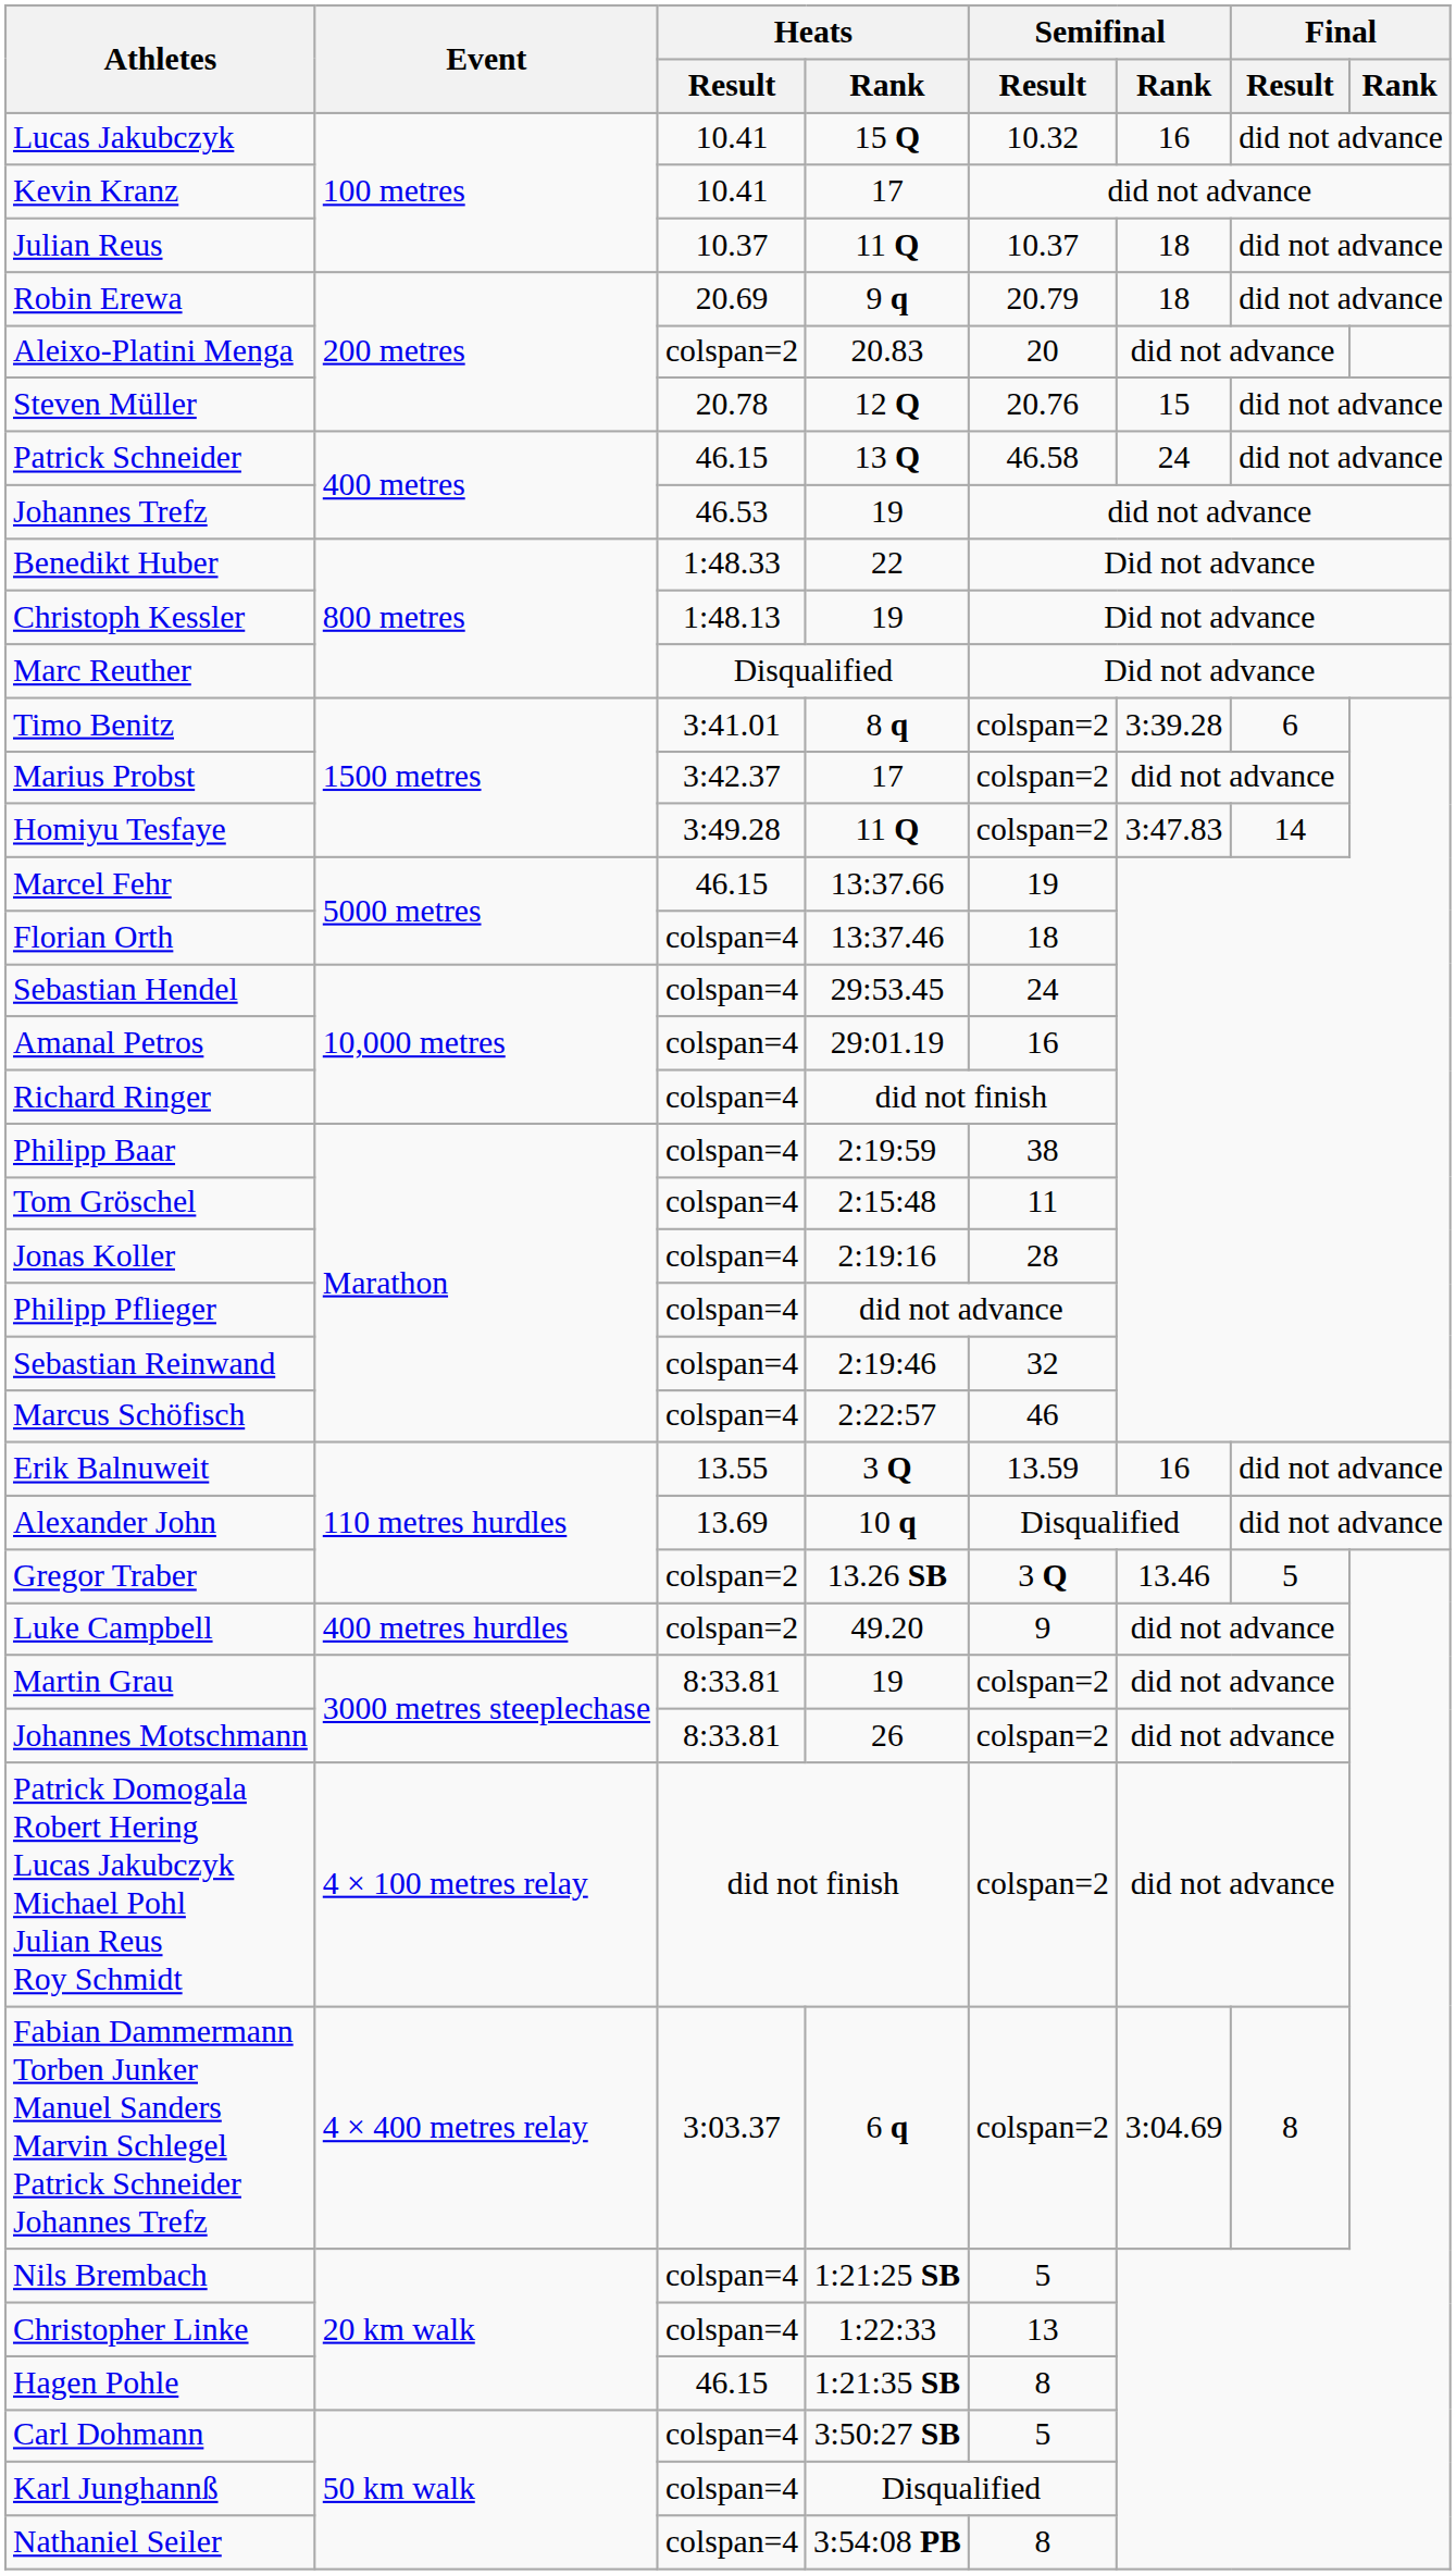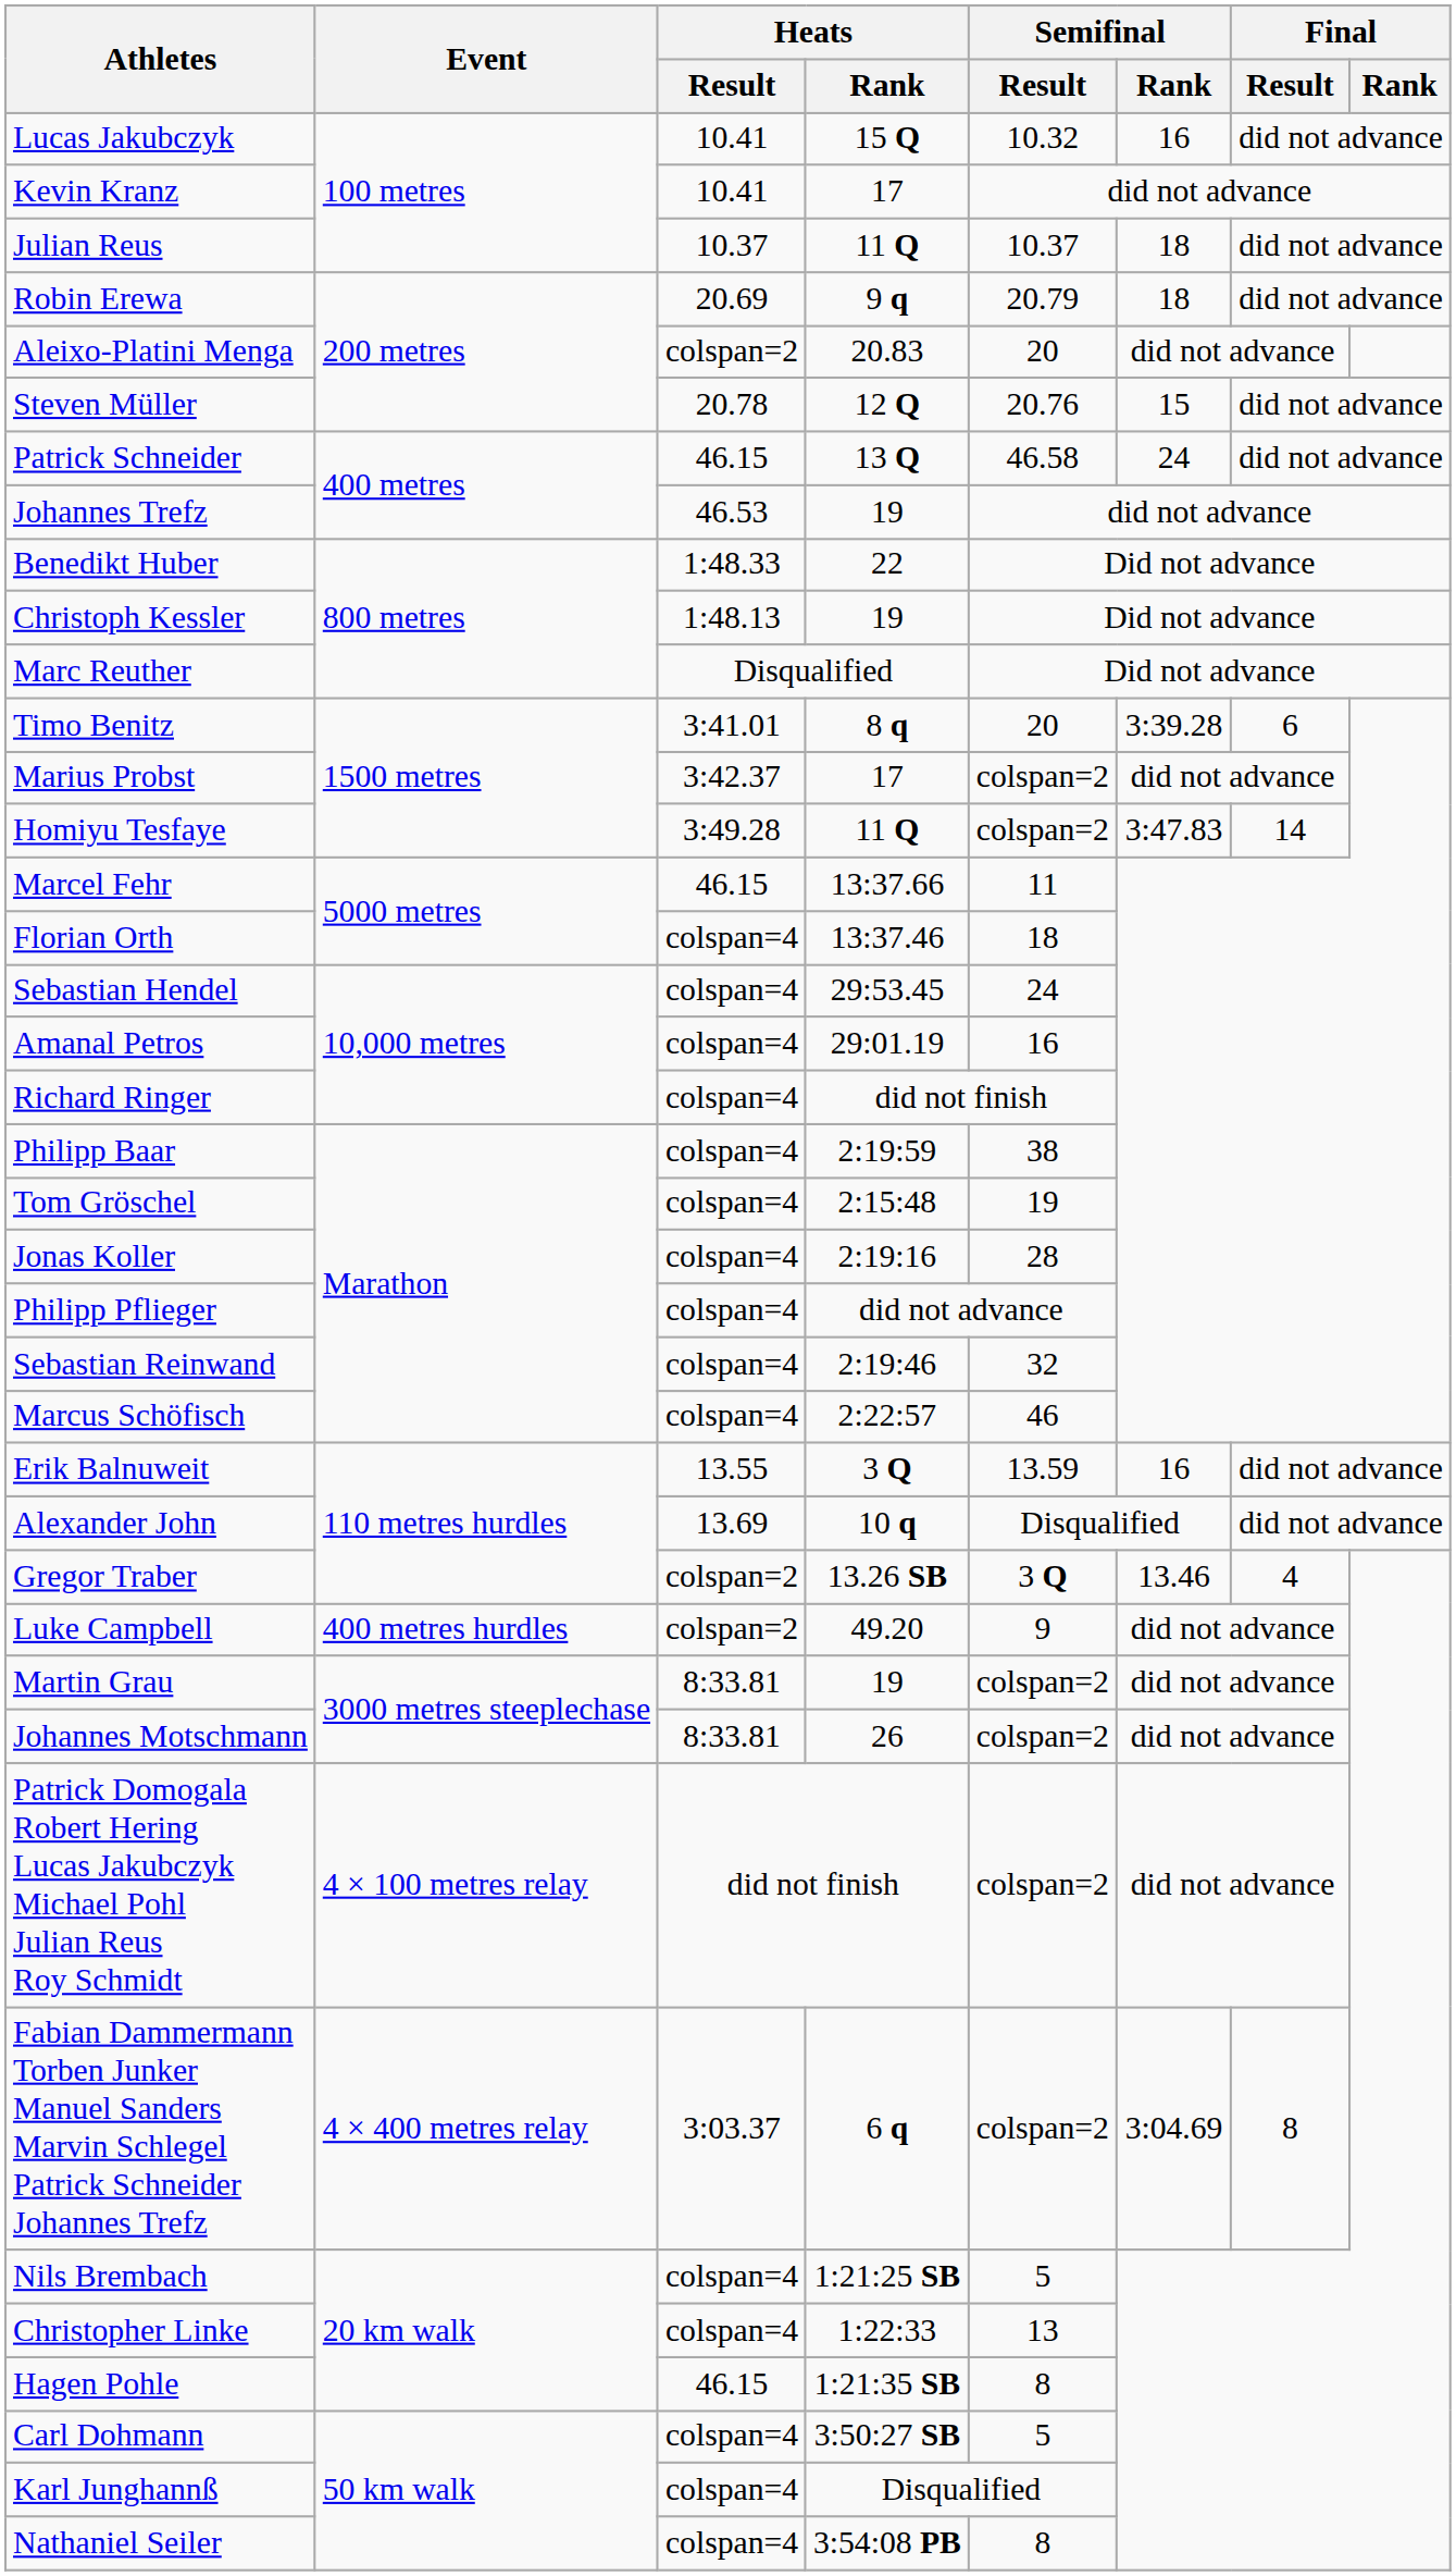 <table class="wikitable" border="1" style="font-size:90%">
 <tr>
 <th rowspan="2">Athletes</th>
 <th rowspan="2">Event</th>
 <th colspan="2">Heats</th>
 <th colspan="2">Semifinal</th>
 <th colspan="2">Final</th>
 </tr>
 <tr>
 <th>Result</th>
 <th>Rank</th>
 <th>Result</th>
 <th>Rank</th>
 <th>Result</th>
 <th>Rank</th>
 </tr>
 <tr>
 <td><a href='#'>Lucas Jakubczyk</a></td>
 <td rowspan=3><a href='#'>100 metres</a></td>
 <td align=center>10.41</td>
 <td align=center>15 <strong>Q</strong></td>
 <td align=center>10.32</td>
 <td align=center>16</td>
 <td align=center colspan=2>did not advance</td>
 </tr>
 <tr>
 <td><a href='#'>Kevin Kranz</a></td>
 <td align=center>10.41</td>
 <td align=center>17</td>
 <td align=center colspan=4>did not advance</td>
 </tr>
 <tr>
 <td><a href='#'>Julian Reus</a></td>
 <td align=center>10.37</td>
 <td align=center>11 <strong>Q</strong></td>
 <td align=center>10.37</td>
 <td align=center>18</td>
 <td align=center colspan=2>did not advance</td>
 </tr>
 <tr>
 <td><a href='#'>Robin Erewa</a></td>
 <td rowspan=3><a href='#'>200 metres</a></td>
 <td align=center>20.69</td>
 <td align=center>9 <strong>q</strong></td>
 <td align=center>20.79</td>
 <td align=center>18</td>
 <td align=center colspan=2>did not advance</td>
 </tr>
 <tr>
 <td><a href='#'>Aleixo-Platini Menga</a></td>
 <td>colspan=2</td>
 <td align=center>20.83</td>
 <td align=center>20</td>
 <td align=center colspan=2>did not advance</td>
 </tr>
 <tr>
 <td><a href='#'>Steven Müller</a></td>
 <td align=center>20.78</td>
 <td align=center>12 <strong>Q</strong></td>
 <td align=center>20.76</td>
 <td align=center>15</td>
 <td align=center colspan=2>did not advance</td>
 </tr>
 <tr>
 <td><a href='#'>Patrick Schneider</a></td>
 <td rowspan=2><a href='#'>400 metres</a></td>
 <td align=center>46.15</td>
 <td align=center>13 <strong>Q</strong></td>
 <td align=center>46.58</td>
 <td align=center>24</td>
 <td align=center colspan=2>did not advance</td>
 </tr>
 <tr>
 <td><a href='#'>Johannes Trefz</a></td>
 <td align=center>46.53</td>
 <td align=center>19</td>
 <td align=center colspan=4>did not advance</td>
 </tr>
 <tr>
 <td><a href='#'>Benedikt Huber</a></td>
 <td rowspan=3><a href='#'>800 metres</a></td>
 <td align=center>1:48.33</td>
 <td align=center>22</td>
 <td colspan="4" align="center">Did not advance</td>
 </tr>
 <tr>
 <td><a href='#'>Christoph Kessler</a></td>
 <td align=center>1:48.13</td>
 <td align=center>19</td>
 <td colspan="4" align="center">Did not advance</td>
 </tr>
 <tr>
 <td><a href='#'>Marc Reuther</a></td>
 <td colspan="2" align="center">Disqualified</td>
 <td colspan="4" align="center">Did not advance</td>
 </tr>
 <tr>
 <td><a href='#'>Timo Benitz</a></td>
 <td rowspan=3><a href='#'>1500 metres</a></td>
 <td align=center>3:41.01</td>
 <td align=center>8 <strong>q</strong></td>
-<td>colspan=2 </td>
+<td align=center>20</td>
 <td align=center>3:39.28</td>
 <td align=center>6</td>
 </tr>
 <tr>
 <td><a href='#'>Marius Probst</a></td>
 <td align=center>3:42.37</td>
 <td align=center>17</td>
 <td>colspan=2 </td>
 <td align=center colspan=2>did not advance</td>
 </tr>
 <tr>
 <td><a href='#'>Homiyu Tesfaye</a></td>
 <td align=center>3:49.28</td>
 <td align=center>11 <strong>Q</strong></td>
 <td>colspan=2 </td>
 <td align=center>3:47.83</td>
 <td align=center>14</td>
 </tr>
 <tr>
 <td><a href='#'>Marcel Fehr</a></td>
 <td rowspan=2><a href='#'>5000 metres</a></td>
 <td align=center>46.15</td>
 <td align=center>13:37.66</td>
-<td align=center>19</td>
+<td align=center>11</td>
 </tr>
 <tr>
 <td><a href='#'>Florian Orth</a></td>
 <td>colspan=4 </td>
 <td align=center>13:37.46</td>
 <td align=center>18</td>
 </tr>
 <tr>
 <td><a href='#'>Sebastian Hendel</a></td>
 <td rowspan=3><a href='#'>10,000 metres</a></td>
 <td>colspan=4 </td>
 <td align=center>29:53.45</td>
 <td align=center>24</td>
 </tr>
 <tr>
 <td><a href='#'>Amanal Petros</a></td>
 <td>colspan=4 </td>
 <td align=center>29:01.19</td>
 <td align=center>16</td>
 </tr>
 <tr>
 <td><a href='#'>Richard Ringer</a></td>
 <td>colspan=4 </td>
 <td align=center colspan=2>did not finish</td>
 </tr>
 <tr>
 <td><a href='#'>Philipp Baar</a></td>
 <td rowspan=6><a href='#'>Marathon</a></td>
 <td>colspan=4 </td>
 <td align=center>2:19:59</td>
 <td align=center>38</td>
 </tr>
 <tr>
 <td><a href='#'>Tom Gröschel</a></td>
 <td>colspan=4 </td>
 <td align=center>2:15:48</td>
-<td align=center>11</td>
+<td align=center>19</td>
 </tr>
 <tr>
 <td><a href='#'>Jonas Koller</a></td>
 <td>colspan=4 </td>
 <td align=center>2:19:16</td>
 <td align=center>28</td>
 </tr>
 <tr>
 <td><a href='#'>Philipp Pflieger</a></td>
 <td>colspan=4 </td>
 <td align=center colspan=2>did not advance</td>
 </tr>
 <tr>
 <td><a href='#'>Sebastian Reinwand</a></td>
 <td>colspan=4 </td>
 <td align=center>2:19:46</td>
 <td align=center>32</td>
 </tr>
 <tr>
 <td><a href='#'>Marcus Schöfisch</a></td>
 <td>colspan=4 </td>
 <td align=center>2:22:57</td>
 <td align=center>46</td>
 </tr>
 <tr>
 <td><a href='#'>Erik Balnuweit</a></td>
 <td rowspan=3><a href='#'>110 metres hurdles</a></td>
 <td align=center>13.55</td>
 <td align=center>3 <strong>Q</strong></td>
 <td align=center>13.59</td>
 <td align=center>16</td>
 <td align=center colspan=2>did not advance</td>
 </tr>
 <tr>
 <td><a href='#'>Alexander John</a></td>
 <td align=center>13.69</td>
 <td align=center>10 <strong>q</strong></td>
 <td align=center colspan=2>Disqualified</td>
 <td align=center colspan=2>did not advance</td>
 </tr>
 <tr>
 <td><a href='#'>Gregor Traber</a></td>
 <td>colspan=2</td>
 <td align=center>13.26 <strong>SB</strong></td>
 <td align=center>3 <strong>Q</strong></td>
 <td align=center>13.46</td>
-<td align=center>5</td>
+<td align=center>4</td>
 </tr>
 <tr>
 <td><a href='#'>Luke Campbell</a></td>
 <td><a href='#'>400 metres hurdles</a></td>
 <td>colspan=2</td>
 <td align=center>49.20</td>
 <td align=center>9</td>
 <td align=center colspan=2>did not advance</td>
 </tr>
 <tr>
 <td><a href='#'>Martin Grau</a></td>
 <td rowspan=2><a href='#'>3000 metres steeplechase</a></td>
 <td align=center>8:33.81</td>
 <td align=center>19</td>
 <td>colspan=2 </td>
 <td align=center colspan=2>did not advance</td>
 </tr>
 <tr>
 <td><a href='#'>Johannes Motschmann</a></td>
 <td align=center>8:33.81</td>
 <td align=center>26</td>
 <td>colspan=2 </td>
 <td align=center colspan=2>did not advance</td>
 </tr>
 <tr>
 <td><a href='#'>Patrick Domogala</a><br><a href='#'>Robert Hering</a><br><a href='#'>Lucas Jakubczyk</a><br><a href='#'>Michael Pohl</a><br><a href='#'>Julian Reus</a><br><a href='#'>Roy Schmidt</a></td>
 <td><a href='#'>4 × 100 metres relay</a></td>
 <td align=center colspan=2>did not finish</td>
 <td>colspan=2 </td>
 <td align=center colspan=2>did not advance</td>
 </tr>
 <tr>
 <td><a href='#'>Fabian Dammermann</a><br><a href='#'>Torben Junker</a><br><a href='#'>Manuel Sanders</a><br><a href='#'>Marvin Schlegel</a><br><a href='#'>Patrick Schneider</a><br><a href='#'>Johannes Trefz</a></td>
 <td><a href='#'>4 × 400 metres relay</a></td>
 <td align=center>3:03.37</td>
 <td align=center>6 <strong>q</strong></td>
 <td>colspan=2 </td>
 <td align=center>3:04.69</td>
 <td align=center>8</td>
 </tr>
 <tr>
 <td><a href='#'>Nils Brembach</a></td>
 <td rowspan=3><a href='#'>20 km walk</a></td>
 <td>colspan=4 </td>
 <td align=center>1:21:25 <strong>SB</strong></td>
 <td align=center>5</td>
 </tr>
 <tr>
 <td><a href='#'>Christopher Linke</a></td>
 <td>colspan=4 </td>
 <td align=center>1:22:33</td>
 <td align=center>13</td>
 </tr>
 <tr>
 <td><a href='#'>Hagen Pohle</a></td>
 <td align=center>46.15</td>
 <td align=center>1:21:35 <strong>SB</strong></td>
 <td align=center>8</td>
 </tr>
 <tr>
 <td><a href='#'>Carl Dohmann</a></td>
 <td rowspan=3><a href='#'>50 km walk</a></td>
 <td>colspan=4 </td>
 <td align=center>3:50:27 <strong>SB</strong></td>
 <td align=center>5</td>
 </tr>
 <tr>
 <td><a href='#'>Karl Junghannß</a></td>
 <td>colspan=4 </td>
 <td align=center colspan=2>Disqualified</td>
 </tr>
 <tr>
 <td><a href='#'>Nathaniel Seiler</a></td>
 <td>colspan=4 </td>
 <td align=center>3:54:08 <strong>PB</strong></td>
 <td align=center>8</td>
 </tr>
 </table>
